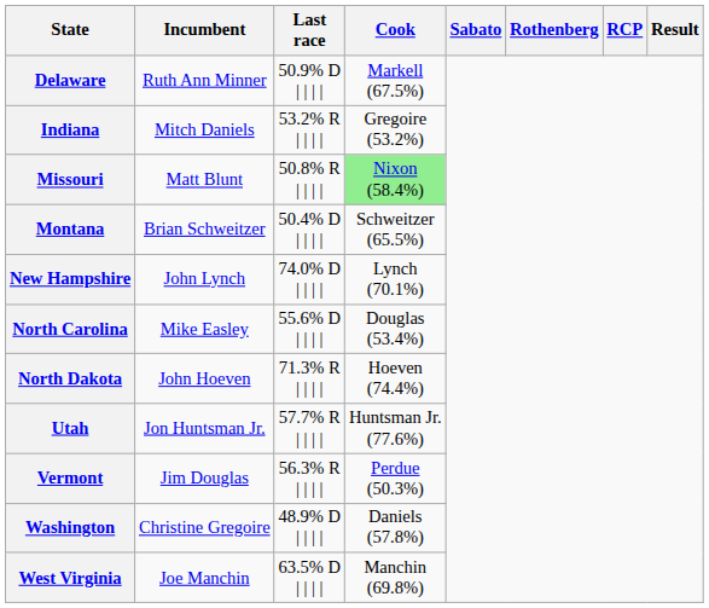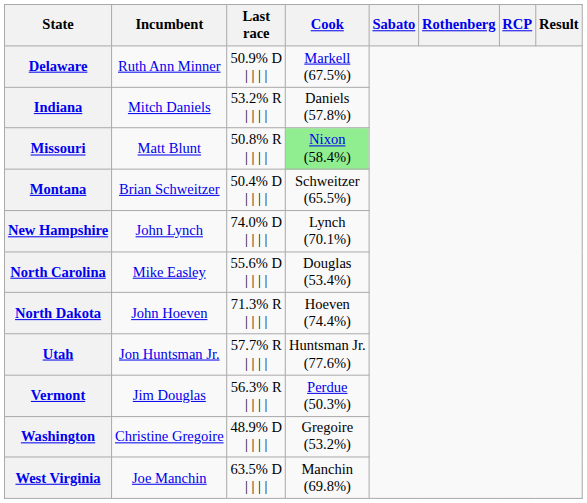 <table class="wikitable sortable" style="text-align:center; font-size:90%;">
 <tr>
 <th>State</th>
 <th>Incumbent</th>
 <th>Last<br>race</th>
 <th><a href='#'>Cook</a><br></th>
 <th><a href='#'>Sabato</a><br></th>
 <th><a href='#'>Rothenberg</a><br></th>
 <th><a href='#'>RCP</a><br></th>
 <th>Result</th>
 </tr>
 <tr>
 <th><a href='#'>Delaware</a></th>
 <td><a href='#'>Ruth Ann Minner</a> </td>
 <td>50.9% D<br>| | | |</td>
 <td><a href='#'>Markell</a><br>(67.5%)</td>
 </tr>
 <tr>
 <th><a href='#'>Indiana</a></th>
 <td><a href='#'>Mitch Daniels</a><br></td>
 <td>53.2% R<br>| | | |</td>
-<td>Gregoire <br>(53.2%)</td>
+<td>Daniels<br>(57.8%)</td>
 </tr>
 <tr>
 <th><a href='#'>Missouri</a></th>
 <td><a href='#'>Matt Blunt</a> </td>
 <td>50.8% R<br>| | | |</td>
 <td style="background: lightgreen;"><a href='#'>Nixon</a><br>(58.4%)</td>
 </tr>
 <tr>
 <th><a href='#'>Montana</a></th>
 <td><a href='#'>Brian Schweitzer</a><br></td>
 <td>50.4% D<br>| | | |</td>
 <td>Schweitzer <br>(65.5%)</td>
 </tr>
 <tr>
 <th><a href='#'>New Hampshire</a></th>
 <td><a href='#'>John Lynch</a><br></td>
 <td>74.0% D<br>| | | |</td>
 <td>Lynch <br>(70.1%)</td>
 </tr>
 <tr>
 <th><a href='#'>North Carolina</a></th>
 <td><a href='#'>Mike Easley</a><br> </td>
 <td>55.6% D<br>| | | |</td>
 <td>Douglas <br>(53.4%)</td>
 </tr>
 <tr>
 <th><a href='#'>North Dakota</a></th>
 <td><a href='#'>John Hoeven</a></td>
 <td>71.3% R<br>| | | |</td>
 <td>Hoeven <br>(74.4%)</td>
 </tr>
 <tr>
 <th><a href='#'>Utah</a></th>
 <td><a href='#'>Jon Huntsman Jr.</a></td>
 <td>57.7% R<br>| | | |</td>
 <td>Huntsman Jr. <br>(77.6%)</td>
 </tr>
 <tr>
 <th><a href='#'>Vermont</a></th>
 <td><a href='#'>Jim Douglas</a></td>
 <td>56.3% R<br>| | | |</td>
 <td><a href='#'>Perdue</a><br>(50.3%)</td>
 </tr>
 <tr>
 <th><a href='#'>Washington</a></th>
 <td><a href='#'>Christine Gregoire</a><br></td>
 <td>48.9% D<br>| | | |</td>
-<td>Daniels<br>(57.8%)</td>
+<td>Gregoire <br>(53.2%)</td>
 </tr>
 <tr>
 <th><a href='#'>West Virginia</a></th>
 <td><a href='#'>Joe Manchin</a></td>
 <td>63.5% D<br>| | | |</td>
 <td>Manchin <br>(69.8%)</td>
 </tr>
 </table>
